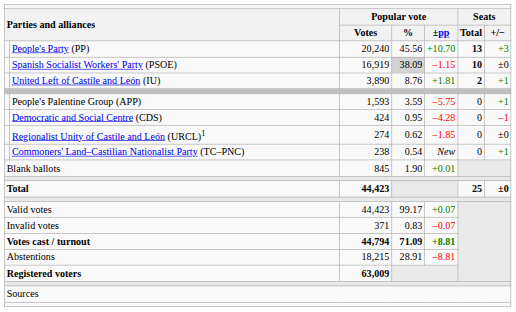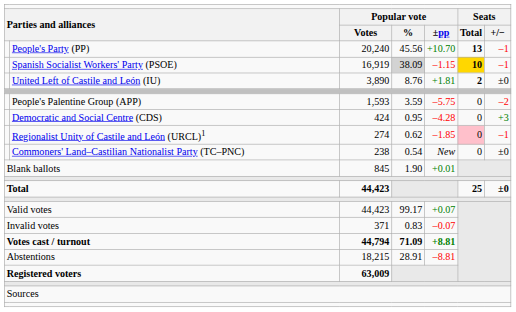 <table class="wikitable" style="text-align:right;">
 <tr>
 <td colspan="7"></td>
 </tr>
 <tr>
 <th style="text-align:left;" rowspan="2" colspan="2" width="525">Parties and alliances</th>
 <th colspan="3">Popular vote</th>
 <th colspan="2">Seats</th>
 </tr>
 <tr>
 <th width="75">Votes</th>
 <th width="45">%</th>
 <th width="45">±<a href='#'>pp</a></th>
 <th width="35">Total</th>
 <th width="35">+/−</th>
 </tr>
 <tr>
 <td width="1" style="color:inherit;background:"></td>
 <td align="left"><a href='#'>People's Party</a> (PP)</td>
 <td>20,240</td>
 <td>45.56</td>
 <td style="color:green;">+10.70</td>
 <td><strong>13</strong></td>
-<td style="color:green;">+3</td>
+<td style="color:red;">–1</td>
 </tr>
 <tr>
 <td style="color:inherit;background:"></td>
 <td align="left"><a href='#'>Spanish Socialist Workers' Party</a> (PSOE)</td>
 <td>16,919</td>
 <td style="background: lightgrey;">38.09</td>
 <td style="color:red;">–1.15</td>
-<td><strong>10</strong></td>
-<td>±0</td>
+<td style="background: gold;"><strong>10</strong></td>
+<td style="color:red;">–1</td>
 </tr>
 <tr>
 <td style="color:inherit;background:"></td>
 <td align="left"><a href='#'>United Left of Castile and León</a> (IU)</td>
 <td>3,890</td>
 <td>8.76</td>
 <td style="color:green;">+1.81</td>
 <td><strong>2</strong></td>
-<td style="color:green;">+1</td>
+<td>±0</td>
 </tr>
 <tr>
 <td colspan="7" bgcolor="#C0C0C0"></td>
 </tr>
 <tr>
 <td style="color:inherit;background:"></td>
 <td align="left">People's Palentine Group (APP)</td>
 <td>1,593</td>
 <td>3.59</td>
 <td style="color:red;">–5.75</td>
 <td>0</td>
-<td style="color:green;">+1</td>
+<td style="color:red;">–2</td>
 </tr>
 <tr>
 <td style="color:inherit;background:"></td>
 <td align="left"><a href='#'>Democratic and Social Centre</a> (CDS)</td>
 <td>424</td>
 <td>0.95</td>
 <td style="color:red;">–4.28</td>
 <td>0</td>
-<td style="color:red;">–1</td>
+<td style="color:green;">+3</td>
 </tr>
 <tr>
 <td style="color:inherit;background:"></td>
 <td align="left"><a href='#'>Regionalist Unity of Castile and León</a> (URCL)<sup>1</sup></td>
 <td>274</td>
 <td>0.62</td>
 <td style="color:red;">–1.85</td>
-<td>0</td>
-<td>±0</td>
+<td style="background: pink;">0</td>
+<td style="color:red;">–1</td>
 </tr>
 <tr>
 <td style="color:inherit;background:"></td>
 <td align="left"><a href='#'>Commoners' Land–Castilian Nationalist Party</a> (TC–PNC)</td>
 <td>238</td>
 <td>0.54</td>
 <td><em>New</em></td>
 <td>0</td>
-<td style="color:green;">+1</td>
+<td>±0</td>
 </tr>
 <tr>
 <td align="left" colspan="2">Blank ballots</td>
 <td>845</td>
 <td>1.90</td>
 <td style="color:green;">+0.01</td>
 <td bgcolor="#E9E9E9" colspan="2"></td>
 </tr>
 <tr>
 <td colspan="7" bgcolor="#E9E9E9"></td>
 </tr>
 <tr style="font-weight:bold;">
 <td align="left" colspan="2">Total</td>
 <td>44,423</td>
 <td bgcolor="#E9E9E9" colspan="2"></td>
 <td>25</td>
 <td>±0</td>
 </tr>
 <tr>
 <td colspan="7" bgcolor="#E9E9E9"></td>
 </tr>
 <tr>
 <td align="left" colspan="2">Valid votes</td>
 <td>44,423</td>
 <td>99.17</td>
 <td style="color:green;">+0.07</td>
 <td bgcolor="#E9E9E9" colspan="2" rowspan="5"></td>
 </tr>
 <tr>
 <td align="left" colspan="2">Invalid votes</td>
 <td>371</td>
 <td>0.83</td>
 <td style="color:red;">–0.07</td>
 </tr>
 <tr style="font-weight:bold;">
 <td align="left" colspan="2">Votes cast / turnout</td>
 <td>44,794</td>
 <td>71.09</td>
 <td style="color:green;">+8.81</td>
 </tr>
 <tr>
 <td align="left" colspan="2">Abstentions</td>
 <td>18,215</td>
 <td>28.91</td>
 <td style="color:red;">–8.81</td>
 </tr>
 <tr style="font-weight:bold;">
 <td align="left" colspan="2">Registered voters</td>
 <td>63,009</td>
 <td bgcolor="#E9E9E9" colspan="2"></td>
 </tr>
 <tr>
 <td colspan="7" bgcolor="#E9E9E9"></td>
 </tr>
 <tr>
 <td align="left" colspan="7">Sources</td>
 </tr>
 <tr>
 <td colspan="7" style="text-align:left; max-width:790px;"></td>
 </tr>
 </table>
